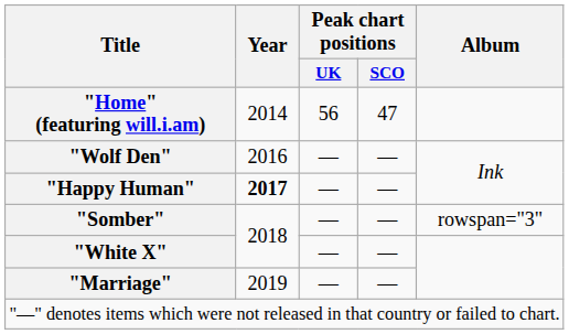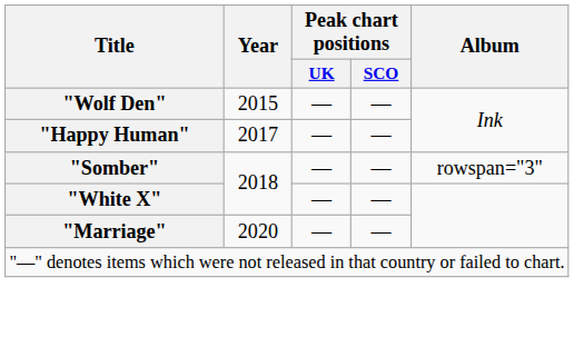 <table class="wikitable plainrowheaders" style="text-align:center;" border="1">
 <tr>
 <th scope="col" rowspan="2">Title</th>
 <th scope="col" rowspan="2">Year</th>
 <th scope="col" colspan="2">Peak chart positions</th>
 <th scope="col" rowspan="2">Album</th>
 </tr>
 <tr>
 <th scope="col" style="width:3em;font-size:85%;"><a href='#'>UK</a><br></th>
 <th scope="col" style="width:3em;font-size:85%;"><a href='#'>SCO</a><br></th>
 </tr>
 <tr>
-<th scope="row">"<a href='#'>Home</a>"<br><span>(featuring <a href='#'>will.i.am</a>)</span></th>
-<td>2014</td>
-<td>56</td>
-<td>47</td>
-<td></td>
-</tr>
-<tr>
 <th scope="row">"Wolf Den"</th>
-<td>2016</td>
+<td>2015</td>
 <td>—</td>
 <td>—</td>
 <td rowspan="2"><em>Ink</em></td>
 </tr>
 <tr>
 <th scope="row">"Happy Human"</th>
-<td><strong>2017</strong></td>
+<td>2017</td>
 <td>—</td>
 <td>—</td>
 </tr>
 <tr>
 <th scope="row">"Somber"</th>
 <td rowspan="2">2018</td>
 <td>—</td>
 <td>—</td>
 <td>rowspan="3" </td>
 </tr>
 <tr>
 <th scope="row">"White X"</th>
 <td>—</td>
 <td>—</td>
 </tr>
 <tr>
 <th scope="row">"Marriage"</th>
-<td>2019</td>
+<td>2020</td>
 <td>—</td>
 <td>—</td>
 </tr>
 <tr>
 <td colspan="5" style="font-size:90%;">"—" denotes items which were not released in that country or failed to chart.</td>
 </tr>
 </table>
